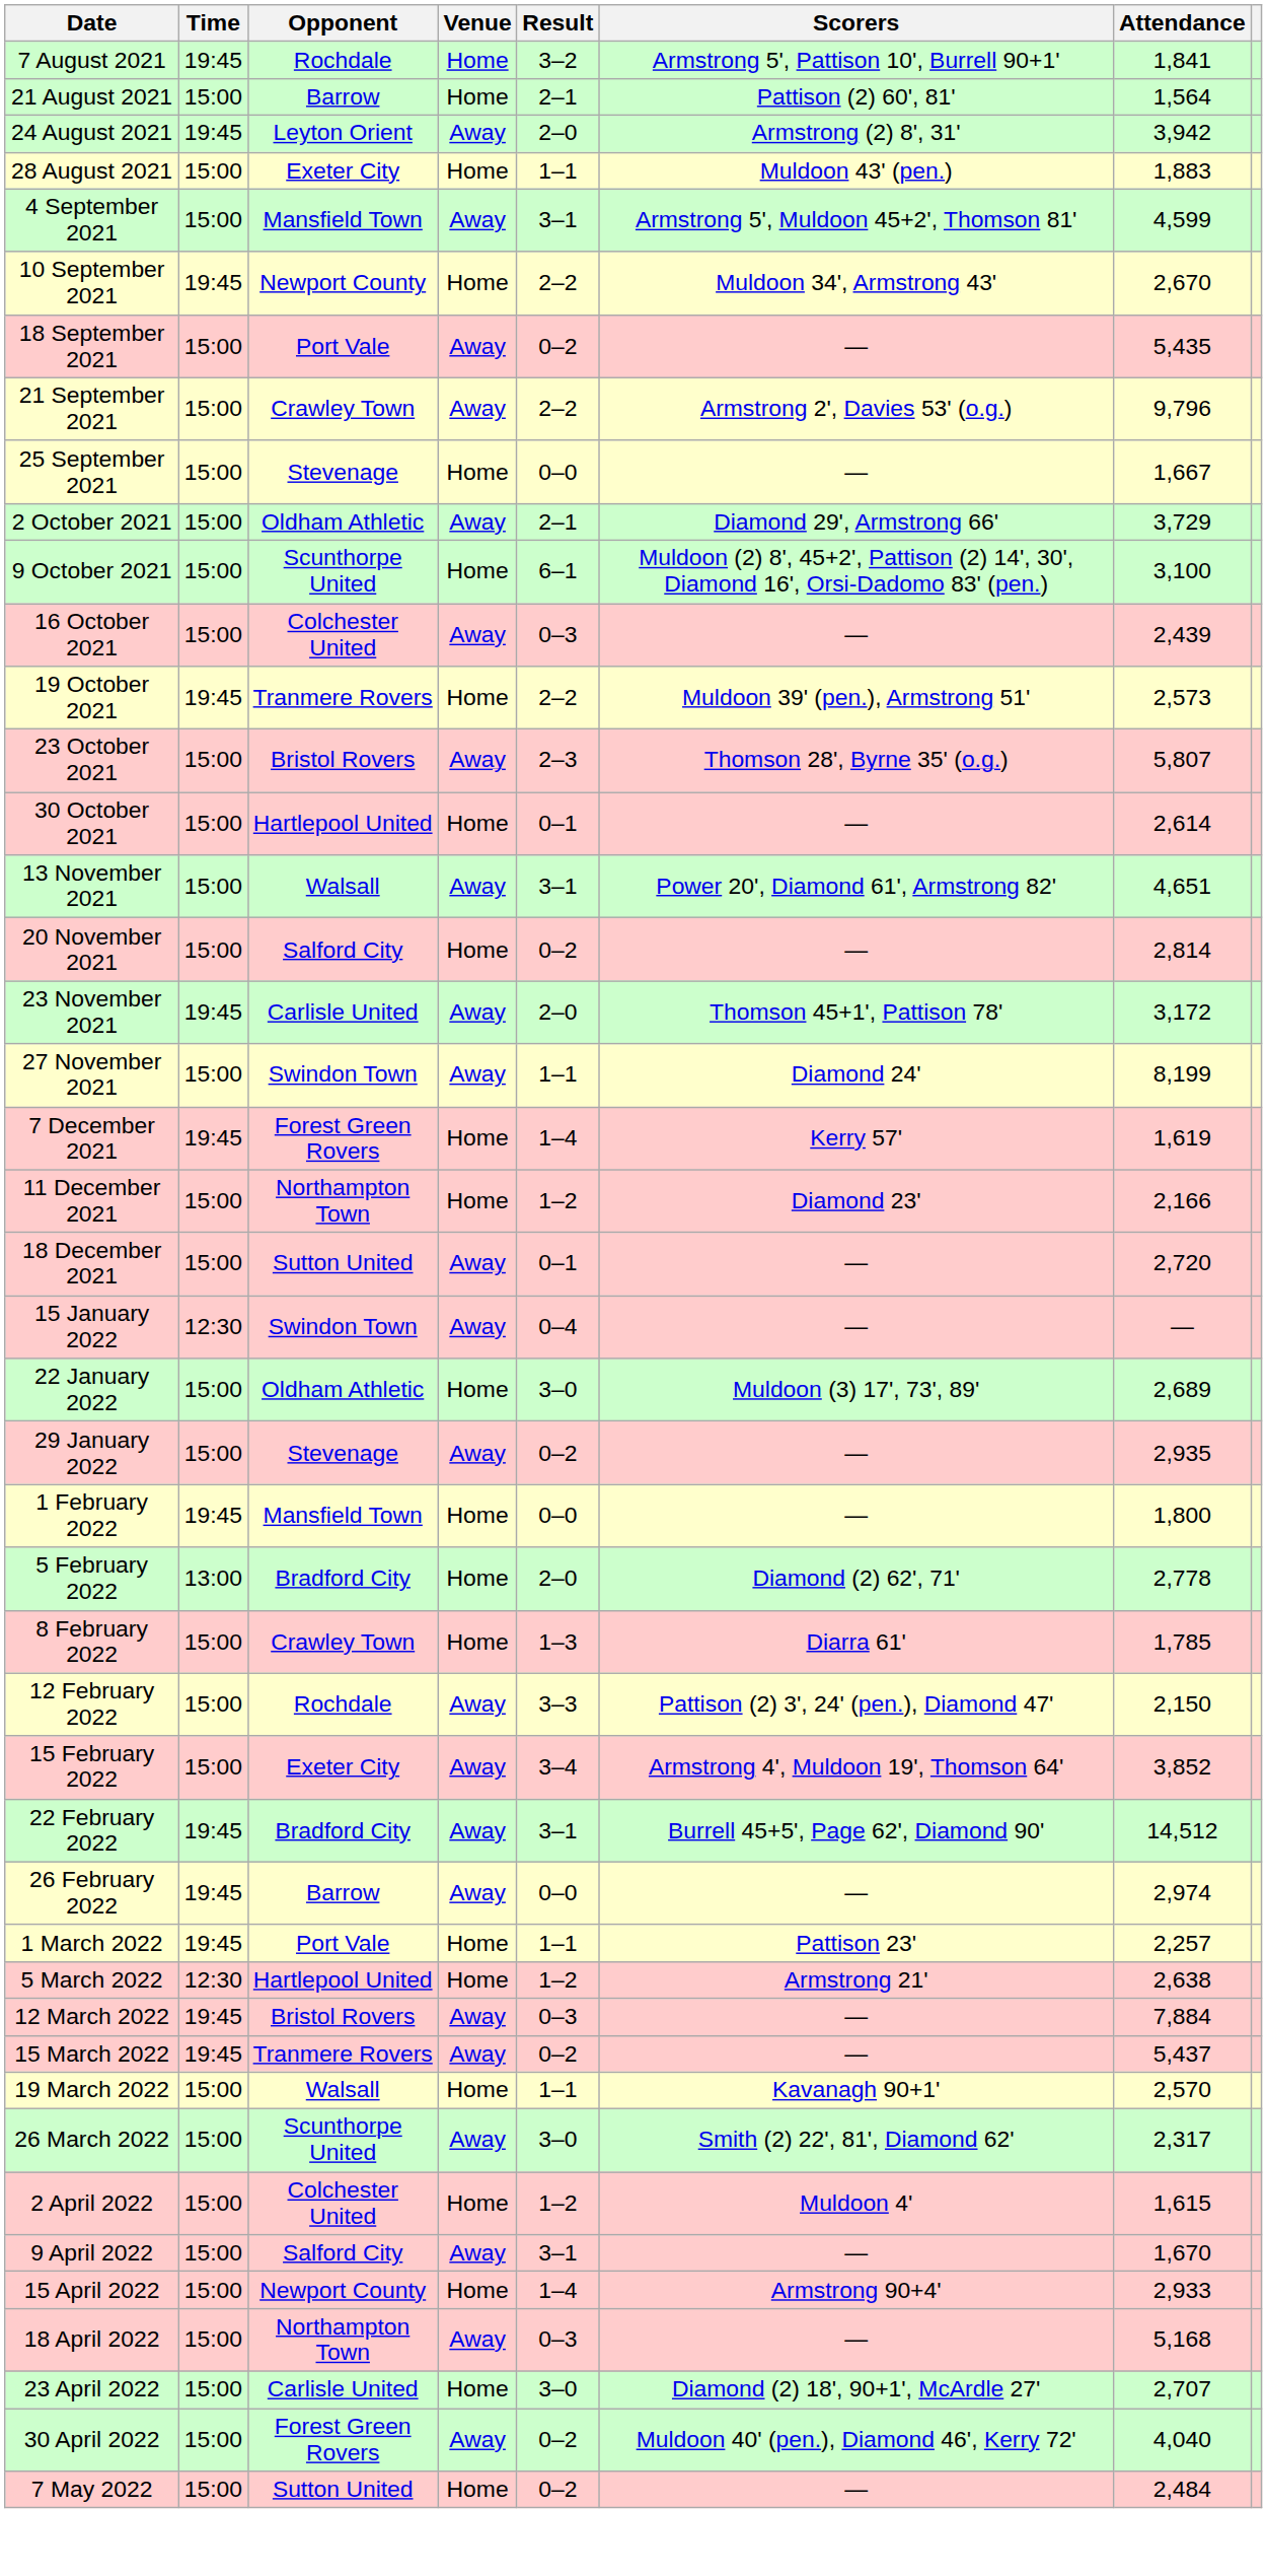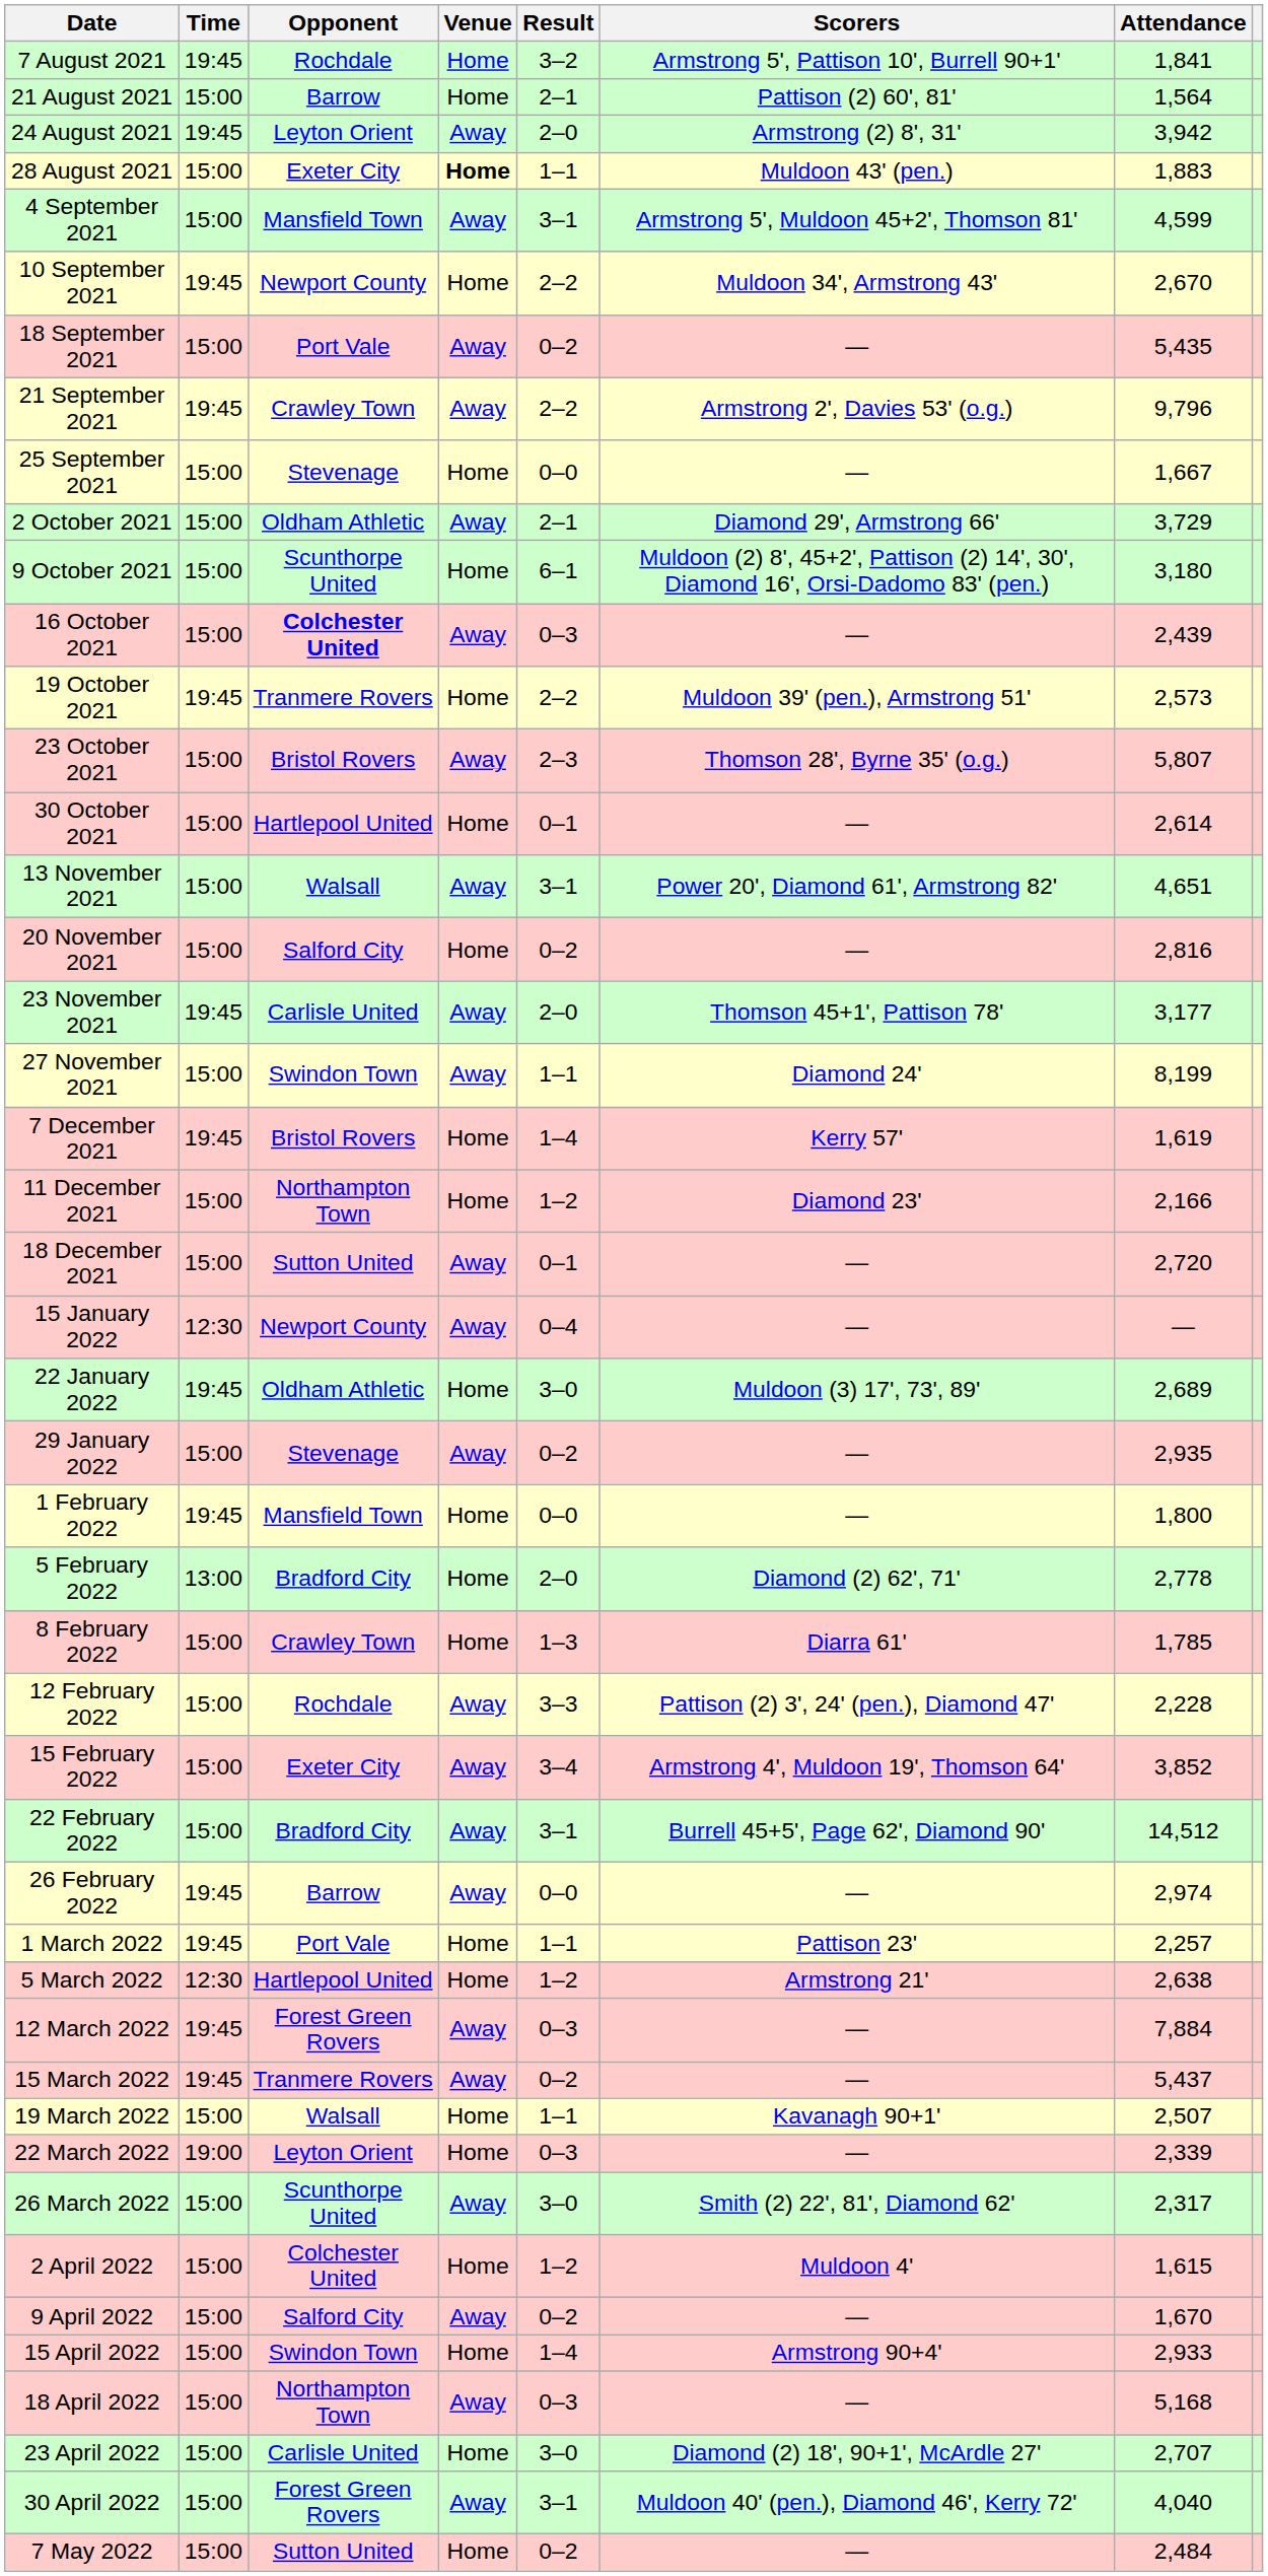 <table class="wikitable sortable" style="text-align:center">
 <tr>
 <th>Date</th>
 <th>Time</th>
 <th>Opponent</th>
 <th>Venue</th>
 <th>Result</th>
 <th class="unsortable">Scorers</th>
 <th>Attendance</th>
 <th class="unsortable"></th>
 </tr>
 <tr bgcolor="#ccffcc">
 <td>7 August 2021</td>
 <td>19:45</td>
 <td><a href='#'>Rochdale</a></td>
 <td><a href='#'>Home</a></td>
 <td>3–2</td>
 <td><a href='#'>Armstrong</a> 5', <a href='#'>Pattison</a> 10', <a href='#'>Burrell</a> 90+1'</td>
 <td>1,841</td>
 <td></td>
 </tr>
 <tr bgcolor="#ccffcc">
 <td>21 August 2021</td>
 <td>15:00</td>
 <td><a href='#'>Barrow</a></td>
 <td>Home</td>
 <td>2–1</td>
 <td><a href='#'>Pattison</a> (2) 60', 81'</td>
 <td>1,564</td>
 <td></td>
 </tr>
 <tr bgcolor="#ccffcc">
 <td>24 August 2021</td>
 <td>19:45</td>
 <td><a href='#'>Leyton Orient</a></td>
 <td><a href='#'>Away</a></td>
 <td>2–0</td>
 <td><a href='#'>Armstrong</a> (2) 8', 31'</td>
 <td>3,942</td>
 <td></td>
 </tr>
 <tr bgcolor="#ffffcc">
 <td>28 August 2021</td>
 <td>15:00</td>
 <td><a href='#'>Exeter City</a></td>
-<td>Home</td>
+<td><strong>Home</strong></td>
 <td>1–1</td>
 <td><a href='#'>Muldoon</a> 43' (<a href='#'>pen.</a>)</td>
 <td>1,883</td>
 <td></td>
 </tr>
 <tr bgcolor="#ccffcc">
 <td>4 September 2021</td>
 <td>15:00</td>
 <td><a href='#'>Mansfield Town</a></td>
 <td><a href='#'>Away</a></td>
 <td>3–1</td>
 <td><a href='#'>Armstrong</a> 5', <a href='#'>Muldoon</a> 45+2', <a href='#'>Thomson</a> 81'</td>
 <td>4,599</td>
 <td></td>
 </tr>
 <tr bgcolor="#ffffcc">
 <td>10 September 2021</td>
 <td>19:45</td>
 <td><a href='#'>Newport County</a></td>
 <td>Home</td>
 <td>2–2</td>
 <td><a href='#'>Muldoon</a> 34', <a href='#'>Armstrong</a> 43'</td>
 <td>2,670</td>
 <td></td>
 </tr>
 <tr bgcolor="#ffcccc">
 <td>18 September 2021</td>
 <td>15:00</td>
 <td><a href='#'>Port Vale</a></td>
 <td><a href='#'>Away</a></td>
 <td>0–2</td>
 <td>—</td>
 <td>5,435</td>
 <td></td>
 </tr>
 <tr bgcolor="#ffffcc">
 <td>21 September 2021</td>
-<td>15:00</td>
+<td>19:45</td>
 <td><a href='#'>Crawley Town</a></td>
 <td><a href='#'>Away</a></td>
 <td>2–2</td>
 <td><a href='#'>Armstrong</a> 2', <a href='#'>Davies</a> 53' (<a href='#'>o.g.</a>)</td>
 <td>9,796</td>
 <td></td>
 </tr>
 <tr bgcolor="#ffffcc">
 <td>25 September 2021</td>
 <td>15:00</td>
 <td><a href='#'>Stevenage</a></td>
 <td>Home</td>
 <td>0–0</td>
 <td>—</td>
 <td>1,667</td>
 <td></td>
 </tr>
 <tr bgcolor="#ccffcc">
 <td>2 October 2021</td>
 <td>15:00</td>
 <td><a href='#'>Oldham Athletic</a></td>
 <td><a href='#'>Away</a></td>
 <td>2–1</td>
 <td><a href='#'>Diamond</a> 29', <a href='#'>Armstrong</a> 66'</td>
 <td>3,729</td>
 <td></td>
 </tr>
 <tr bgcolor="#ccffcc">
 <td>9 October 2021</td>
 <td>15:00</td>
 <td><a href='#'>Scunthorpe United</a></td>
 <td>Home</td>
 <td>6–1</td>
 <td><a href='#'>Muldoon</a> (2) 8', 45+2', <a href='#'>Pattison</a> (2) 14', 30', <a href='#'>Diamond</a> 16', <a href='#'>Orsi-Dadomo</a> 83' (<a href='#'>pen.</a>)</td>
-<td>3,100</td>
+<td>3,180</td>
 <td></td>
 </tr>
 <tr bgcolor="#ffcccc">
 <td>16 October 2021</td>
 <td>15:00</td>
-<td><a href='#'>Colchester United</a></td>
+<td><strong><a href='#'>Colchester United</a></strong></td>
 <td><a href='#'>Away</a></td>
 <td>0–3</td>
 <td>—</td>
 <td>2,439</td>
 <td></td>
 </tr>
 <tr bgcolor="#ffffcc">
 <td>19 October 2021</td>
 <td>19:45</td>
 <td><a href='#'>Tranmere Rovers</a></td>
 <td>Home</td>
 <td>2–2</td>
 <td><a href='#'>Muldoon</a> 39' (<a href='#'>pen.</a>), <a href='#'>Armstrong</a> 51'</td>
 <td>2,573</td>
 <td></td>
 </tr>
 <tr bgcolor="#ffcccc">
 <td>23 October 2021</td>
 <td>15:00</td>
 <td><a href='#'>Bristol Rovers</a></td>
 <td><a href='#'>Away</a></td>
 <td>2–3</td>
 <td><a href='#'>Thomson</a> 28', <a href='#'>Byrne</a> 35' (<a href='#'>o.g.</a>)</td>
 <td>5,807</td>
 <td></td>
 </tr>
 <tr bgcolor="#ffcccc">
 <td>30 October 2021</td>
 <td>15:00</td>
 <td><a href='#'>Hartlepool United</a></td>
 <td>Home</td>
 <td>0–1</td>
 <td>—</td>
 <td>2,614</td>
 <td></td>
 </tr>
 <tr bgcolor="#ccffcc">
 <td>13 November 2021</td>
 <td>15:00</td>
 <td><a href='#'>Walsall</a></td>
 <td><a href='#'>Away</a></td>
 <td>3–1</td>
 <td><a href='#'>Power</a> 20', <a href='#'>Diamond</a> 61', <a href='#'>Armstrong</a> 82'</td>
 <td>4,651</td>
 <td></td>
 </tr>
 <tr bgcolor="#ffcccc">
 <td>20 November 2021</td>
 <td>15:00</td>
 <td><a href='#'>Salford City</a></td>
 <td>Home</td>
 <td>0–2</td>
 <td>—</td>
-<td>2,814</td>
+<td>2,816</td>
 <td></td>
 </tr>
 <tr bgcolor="#ccffcc">
 <td>23 November 2021</td>
 <td>19:45</td>
 <td><a href='#'>Carlisle United</a></td>
 <td><a href='#'>Away</a></td>
 <td>2–0</td>
 <td><a href='#'>Thomson</a> 45+1', <a href='#'>Pattison</a> 78'</td>
-<td>3,172</td>
+<td>3,177</td>
 <td></td>
 </tr>
 <tr bgcolor="#ffffcc">
 <td>27 November 2021</td>
 <td>15:00</td>
 <td><a href='#'>Swindon Town</a></td>
 <td><a href='#'>Away</a></td>
 <td>1–1</td>
 <td><a href='#'>Diamond</a> 24'</td>
 <td>8,199</td>
 <td></td>
 </tr>
 <tr bgcolor="#ffcccc">
 <td>7 December 2021</td>
 <td>19:45</td>
-<td><a href='#'>Forest Green Rovers</a></td>
+<td><a href='#'>Bristol Rovers</a></td>
 <td>Home</td>
 <td>1–4</td>
 <td><a href='#'>Kerry</a> 57'</td>
 <td>1,619</td>
 <td></td>
 </tr>
 <tr bgcolor="#ffcccc">
 <td>11 December 2021</td>
 <td>15:00</td>
 <td><a href='#'>Northampton Town</a></td>
 <td>Home</td>
 <td>1–2</td>
 <td><a href='#'>Diamond</a> 23'</td>
 <td>2,166</td>
 <td></td>
 </tr>
 <tr bgcolor="#ffcccc">
 <td>18 December 2021</td>
 <td>15:00</td>
 <td><a href='#'>Sutton United</a></td>
 <td><a href='#'>Away</a></td>
 <td>0–1</td>
 <td>—</td>
 <td>2,720</td>
 <td></td>
 </tr>
 <tr bgcolor="#ffcccc">
 <td>15 January 2022</td>
 <td>12:30</td>
-<td><a href='#'>Swindon Town</a></td>
+<td><a href='#'>Newport County</a></td>
 <td><a href='#'>Away</a></td>
 <td>0–4</td>
 <td>—</td>
 <td>—</td>
 <td></td>
 </tr>
 <tr bgcolor="#ccffcc">
 <td>22 January 2022</td>
-<td>15:00</td>
+<td>19:45</td>
 <td><a href='#'>Oldham Athletic</a></td>
 <td>Home</td>
 <td>3–0</td>
 <td><a href='#'>Muldoon</a> (3) 17', 73', 89'</td>
 <td>2,689</td>
 <td></td>
 </tr>
 <tr bgcolor="#ffcccc">
 <td>29 January 2022</td>
 <td>15:00</td>
 <td><a href='#'>Stevenage</a></td>
 <td><a href='#'>Away</a></td>
 <td>0–2</td>
 <td>—</td>
 <td>2,935</td>
 <td></td>
 </tr>
 <tr bgcolor="#ffffcc">
 <td>1 February 2022</td>
 <td>19:45</td>
 <td><a href='#'>Mansfield Town</a></td>
 <td>Home</td>
 <td>0–0</td>
 <td>—</td>
 <td>1,800</td>
 <td></td>
 </tr>
 <tr bgcolor="#ccffcc">
 <td>5 February 2022</td>
 <td>13:00</td>
 <td><a href='#'>Bradford City</a></td>
 <td>Home</td>
 <td>2–0</td>
 <td><a href='#'>Diamond</a> (2) 62', 71'</td>
 <td>2,778</td>
 <td></td>
 </tr>
 <tr bgcolor="#ffcccc">
 <td>8 February 2022</td>
 <td>15:00</td>
 <td><a href='#'>Crawley Town</a></td>
 <td>Home</td>
 <td>1–3</td>
 <td><a href='#'>Diarra</a> 61'</td>
 <td>1,785</td>
 <td></td>
 </tr>
 <tr bgcolor="#ffffcc">
 <td>12 February 2022</td>
 <td>15:00</td>
 <td><a href='#'>Rochdale</a></td>
 <td><a href='#'>Away</a></td>
 <td>3–3</td>
 <td><a href='#'>Pattison</a> (2) 3', 24' (<a href='#'>pen.</a>), <a href='#'>Diamond</a> 47'</td>
-<td>2,150</td>
+<td>2,228</td>
 <td></td>
 </tr>
 <tr bgcolor="#ffcccc">
 <td>15 February 2022</td>
 <td>15:00</td>
 <td><a href='#'>Exeter City</a></td>
 <td><a href='#'>Away</a></td>
 <td>3–4</td>
 <td><a href='#'>Armstrong</a> 4', <a href='#'>Muldoon</a> 19', <a href='#'>Thomson</a> 64'</td>
 <td>3,852</td>
 <td></td>
 </tr>
 <tr bgcolor="#ccffcc">
 <td>22 February 2022</td>
-<td>19:45</td>
+<td>15:00</td>
 <td><a href='#'>Bradford City</a></td>
 <td><a href='#'>Away</a></td>
 <td>3–1</td>
 <td><a href='#'>Burrell</a> 45+5', <a href='#'>Page</a> 62', <a href='#'>Diamond</a> 90'</td>
 <td>14,512</td>
 <td></td>
 </tr>
 <tr bgcolor="#ffffcc">
 <td>26 February 2022</td>
 <td>19:45</td>
 <td><a href='#'>Barrow</a></td>
 <td><a href='#'>Away</a></td>
 <td>0–0</td>
 <td>—</td>
 <td>2,974</td>
 <td></td>
 </tr>
 <tr bgcolor="#ffffcc">
 <td>1 March 2022</td>
 <td>19:45</td>
 <td><a href='#'>Port Vale</a></td>
 <td>Home</td>
 <td>1–1</td>
 <td><a href='#'>Pattison</a> 23'</td>
 <td>2,257</td>
 <td></td>
 </tr>
 <tr bgcolor="#ffcccc">
 <td>5 March 2022</td>
 <td>12:30</td>
 <td><a href='#'>Hartlepool United</a></td>
 <td>Home</td>
 <td>1–2</td>
 <td><a href='#'>Armstrong</a> 21'</td>
 <td —>2,638</td>
 <td></td>
 </tr>
 <tr bgcolor="#ffcccc">
 <td>12 March 2022</td>
 <td>19:45</td>
-<td><a href='#'>Bristol Rovers</a></td>
+<td><a href='#'>Forest Green Rovers</a></td>
 <td><a href='#'>Away</a></td>
 <td>0–3</td>
 <td>—</td>
 <td>7,884</td>
 <td></td>
 </tr>
 <tr bgcolor="#ffcccc">
 <td>15 March 2022</td>
 <td>19:45</td>
 <td><a href='#'>Tranmere Rovers</a></td>
 <td><a href='#'>Away</a></td>
 <td>0–2</td>
 <td>—</td>
 <td>5,437</td>
 <td></td>
 </tr>
 <tr bgcolor="#ffffcc">
 <td>19 March 2022</td>
 <td>15:00</td>
 <td><a href='#'>Walsall</a></td>
 <td>Home</td>
 <td>1–1</td>
 <td><a href='#'>Kavanagh</a> 90+1'</td>
-<td>2,570</td>
+<td>2,507</td>
+<td></td>
+</tr>
+<tr bgcolor="#ffcccc">
+<td>22 March 2022</td>
+<td>19:00</td>
+<td><a href='#'>Leyton Orient</a></td>
+<td>Home</td>
+<td>0–3</td>
+<td>—</td>
+<td —>2,339</td>
 <td></td>
 </tr>
 <tr bgcolor="#ccffcc">
 <td>26 March 2022</td>
 <td>15:00</td>
 <td><a href='#'>Scunthorpe United</a></td>
 <td><a href='#'>Away</a></td>
 <td>3–0</td>
 <td><a href='#'>Smith</a> (2) 22', 81', <a href='#'>Diamond</a> 62'</td>
 <td>2,317</td>
 <td></td>
 </tr>
 <tr bgcolor="#ffcccc">
 <td>2 April 2022</td>
 <td>15:00</td>
 <td><a href='#'>Colchester United</a></td>
 <td>Home</td>
 <td>1–2</td>
 <td><a href='#'>Muldoon</a> 4'</td>
 <td>1,615</td>
 <td></td>
 </tr>
 <tr bgcolor="#ffcccc">
 <td>9 April 2022</td>
 <td>15:00</td>
 <td><a href='#'>Salford City</a></td>
 <td><a href='#'>Away</a></td>
-<td>3–1</td>
+<td>0–2</td>
 <td>—</td>
 <td>1,670</td>
 <td></td>
 </tr>
 <tr bgcolor="#ffcccc">
 <td>15 April 2022</td>
 <td>15:00</td>
-<td><a href='#'>Newport County</a></td>
+<td><a href='#'>Swindon Town</a></td>
 <td>Home</td>
 <td>1–4</td>
 <td><a href='#'>Armstrong</a> 90+4'</td>
 <td>2,933</td>
 <td></td>
 </tr>
 <tr bgcolor="#ffcccc">
 <td>18 April 2022</td>
 <td>15:00</td>
 <td><a href='#'>Northampton Town</a></td>
 <td><a href='#'>Away</a></td>
 <td>0–3</td>
 <td>—</td>
 <td>5,168</td>
 <td></td>
 </tr>
 <tr bgcolor="#ccffcc">
 <td>23 April 2022</td>
 <td>15:00</td>
 <td><a href='#'>Carlisle United</a></td>
 <td>Home</td>
 <td>3–0</td>
 <td><a href='#'>Diamond</a> (2) 18', 90+1', <a href='#'>McArdle</a> 27'</td>
 <td>2,707</td>
 <td></td>
 </tr>
 <tr bgcolor="#ccffcc">
 <td>30 April 2022</td>
 <td>15:00</td>
 <td><a href='#'>Forest Green Rovers</a></td>
 <td><a href='#'>Away</a></td>
-<td>0–2</td>
+<td>3–1</td>
 <td><a href='#'>Muldoon</a> 40' (<a href='#'>pen.</a>), <a href='#'>Diamond</a> 46', <a href='#'>Kerry</a> 72'</td>
 <td>4,040</td>
 <td></td>
 </tr>
 <tr bgcolor="#ffcccc">
 <td>7 May 2022</td>
 <td>15:00</td>
 <td><a href='#'>Sutton United</a></td>
 <td>Home</td>
 <td>0–2</td>
 <td>—</td>
 <td>2,484</td>
 <td></td>
 </tr>
 </table>
